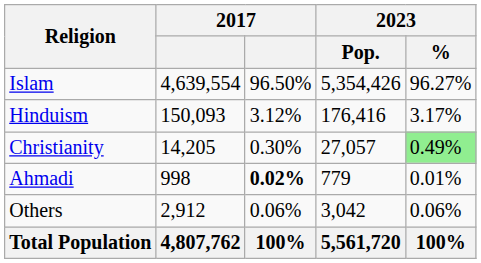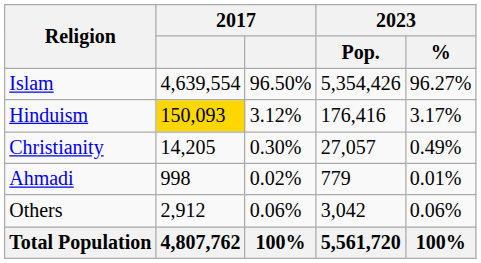 <table class="wikitable sortable">
 <tr>
 <th rowspan="2">Religion</th>
 <th colspan="2">2017</th>
 <th colspan="2">2023</th>
 </tr>
 <tr>
 <th></th>
 <th></th>
 <th>Pop.</th>
 <th>%</th>
 </tr>
 <tr>
 <td><a href='#'>Islam</a> </td>
 <td>4,639,554</td>
 <td>96.50%</td>
 <td>5,354,426</td>
 <td>96.27%</td>
 </tr>
 <tr>
 <td><a href='#'>Hinduism</a> </td>
-<td>150,093</td>
+<td style="background: gold;">150,093</td>
 <td>3.12%</td>
 <td>176,416</td>
 <td>3.17%</td>
 </tr>
 <tr>
 <td><a href='#'>Christianity</a> </td>
 <td>14,205</td>
 <td>0.30%</td>
 <td>27,057</td>
-<td style="background: lightgreen;">0.49%</td>
+<td>0.49%</td>
 </tr>
 <tr>
 <td><a href='#'>Ahmadi</a></td>
 <td>998</td>
-<td><strong>0.02%</strong></td>
+<td>0.02%</td>
 <td>779</td>
 <td>0.01%</td>
 </tr>
 <tr>
 <td>Others</td>
 <td>2,912</td>
 <td>0.06%</td>
 <td>3,042</td>
 <td>0.06%</td>
 </tr>
 <tr>
 <th>Total Population</th>
 <th>4,807,762</th>
 <th>100%</th>
 <th>5,561,720</th>
 <th>100%</th>
 </tr>
 </table>
